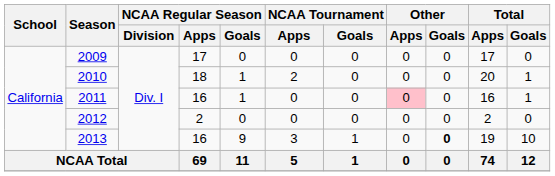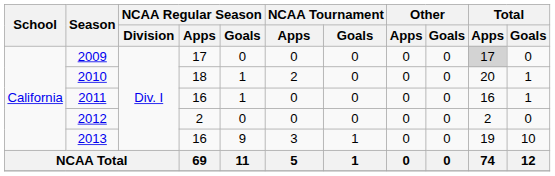 <table class="wikitable" style="text-align: center;">
 <tr>
 <th rowspan="2">School</th>
 <th rowspan="2">Season</th>
 <th colspan="3">NCAA Regular Season</th>
 <th colspan="2">NCAA Tournament</th>
 <th colspan="2">Other</th>
 <th colspan="2">Total</th>
 </tr>
 <tr>
 <th>Division</th>
 <th>Apps</th>
 <th>Goals</th>
 <th>Apps</th>
 <th>Goals</th>
 <th>Apps</th>
 <th>Goals</th>
 <th>Apps</th>
 <th>Goals</th>
 </tr>
 <tr>
 <td rowspan="5"><a href='#'>California</a></td>
 <td><a href='#'>2009</a></td>
 <td rowspan="5"><a href='#'>Div. I</a></td>
 <td>17</td>
 <td>0</td>
 <td>0</td>
 <td>0</td>
 <td>0</td>
 <td>0</td>
-<td>17</td>
+<td style="background: lightgrey;">17</td>
 <td>0</td>
 </tr>
 <tr>
 <td><a href='#'>2010</a></td>
 <td>18</td>
 <td>1</td>
 <td>2</td>
 <td>0</td>
 <td>0</td>
 <td>0</td>
 <td>20</td>
 <td>1</td>
 </tr>
 <tr>
 <td><a href='#'>2011</a></td>
 <td>16</td>
 <td>1</td>
 <td>0</td>
 <td>0</td>
-<td style="background: pink;">0</td>
+<td>0</td>
 <td>0</td>
 <td>16</td>
 <td>1</td>
 </tr>
 <tr>
 <td><a href='#'>2012</a></td>
 <td>2</td>
 <td>0</td>
 <td>0</td>
 <td>0</td>
 <td>0</td>
 <td>0</td>
 <td>2</td>
 <td>0</td>
 </tr>
 <tr>
 <td><a href='#'>2013</a></td>
 <td>16</td>
 <td>9</td>
 <td>3</td>
 <td>1</td>
 <td>0</td>
-<td><strong>0</strong></td>
+<td>0</td>
 <td>19</td>
 <td>10</td>
 </tr>
 <tr>
 <th colspan="3">NCAA Total</th>
 <th>69</th>
 <th>11</th>
 <th>5</th>
 <th>1</th>
 <th>0</th>
 <th>0</th>
 <th>74</th>
 <th>12</th>
 </tr>
 <tr>
 </tr>
 </table>
